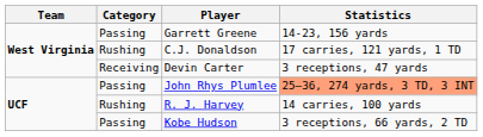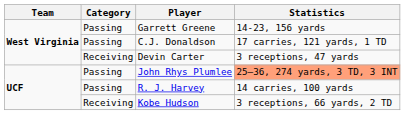 <table class="wikitable" style="float: right;">
 <tr>
 <th>Team</th>
 <th>Category</th>
 <th>Player</th>
 <th>Statistics</th>
 </tr>
 <tr>
 <td rowspan=3><strong>West Virginia</strong></td>
 <td>Passing</td>
 <td>Garrett Greene</td>
 <td>14-23, 156 yards</td>
 </tr>
 <tr>
-<td>Rushing</td>
+<td>Passing</td>
 <td>C.J. Donaldson</td>
 <td>17 carries, 121 yards, 1 TD</td>
 </tr>
 <tr>
 <td>Receiving</td>
 <td>Devin Carter</td>
 <td>3 receptions, 47 yards</td>
 </tr>
 <tr>
 <td rowspan=3><strong>UCF</strong></td>
 <td>Passing</td>
 <td><a href='#'>John Rhys Plumlee</a></td>
 <td style="background: lightsalmon;">25–36, 274 yards, 3 TD, 3 INT</td>
 </tr>
 <tr>
-<td>Rushing</td>
+<td>Passing</td>
 <td><a href='#'>R. J. Harvey</a></td>
 <td>14 carries, 100 yards</td>
 </tr>
 <tr>
-<td>Passing</td>
+<td>Receiving</td>
 <td><a href='#'>Kobe Hudson</a></td>
 <td>3 receptions, 66 yards, 2 TD</td>
 </tr>
 </table>
